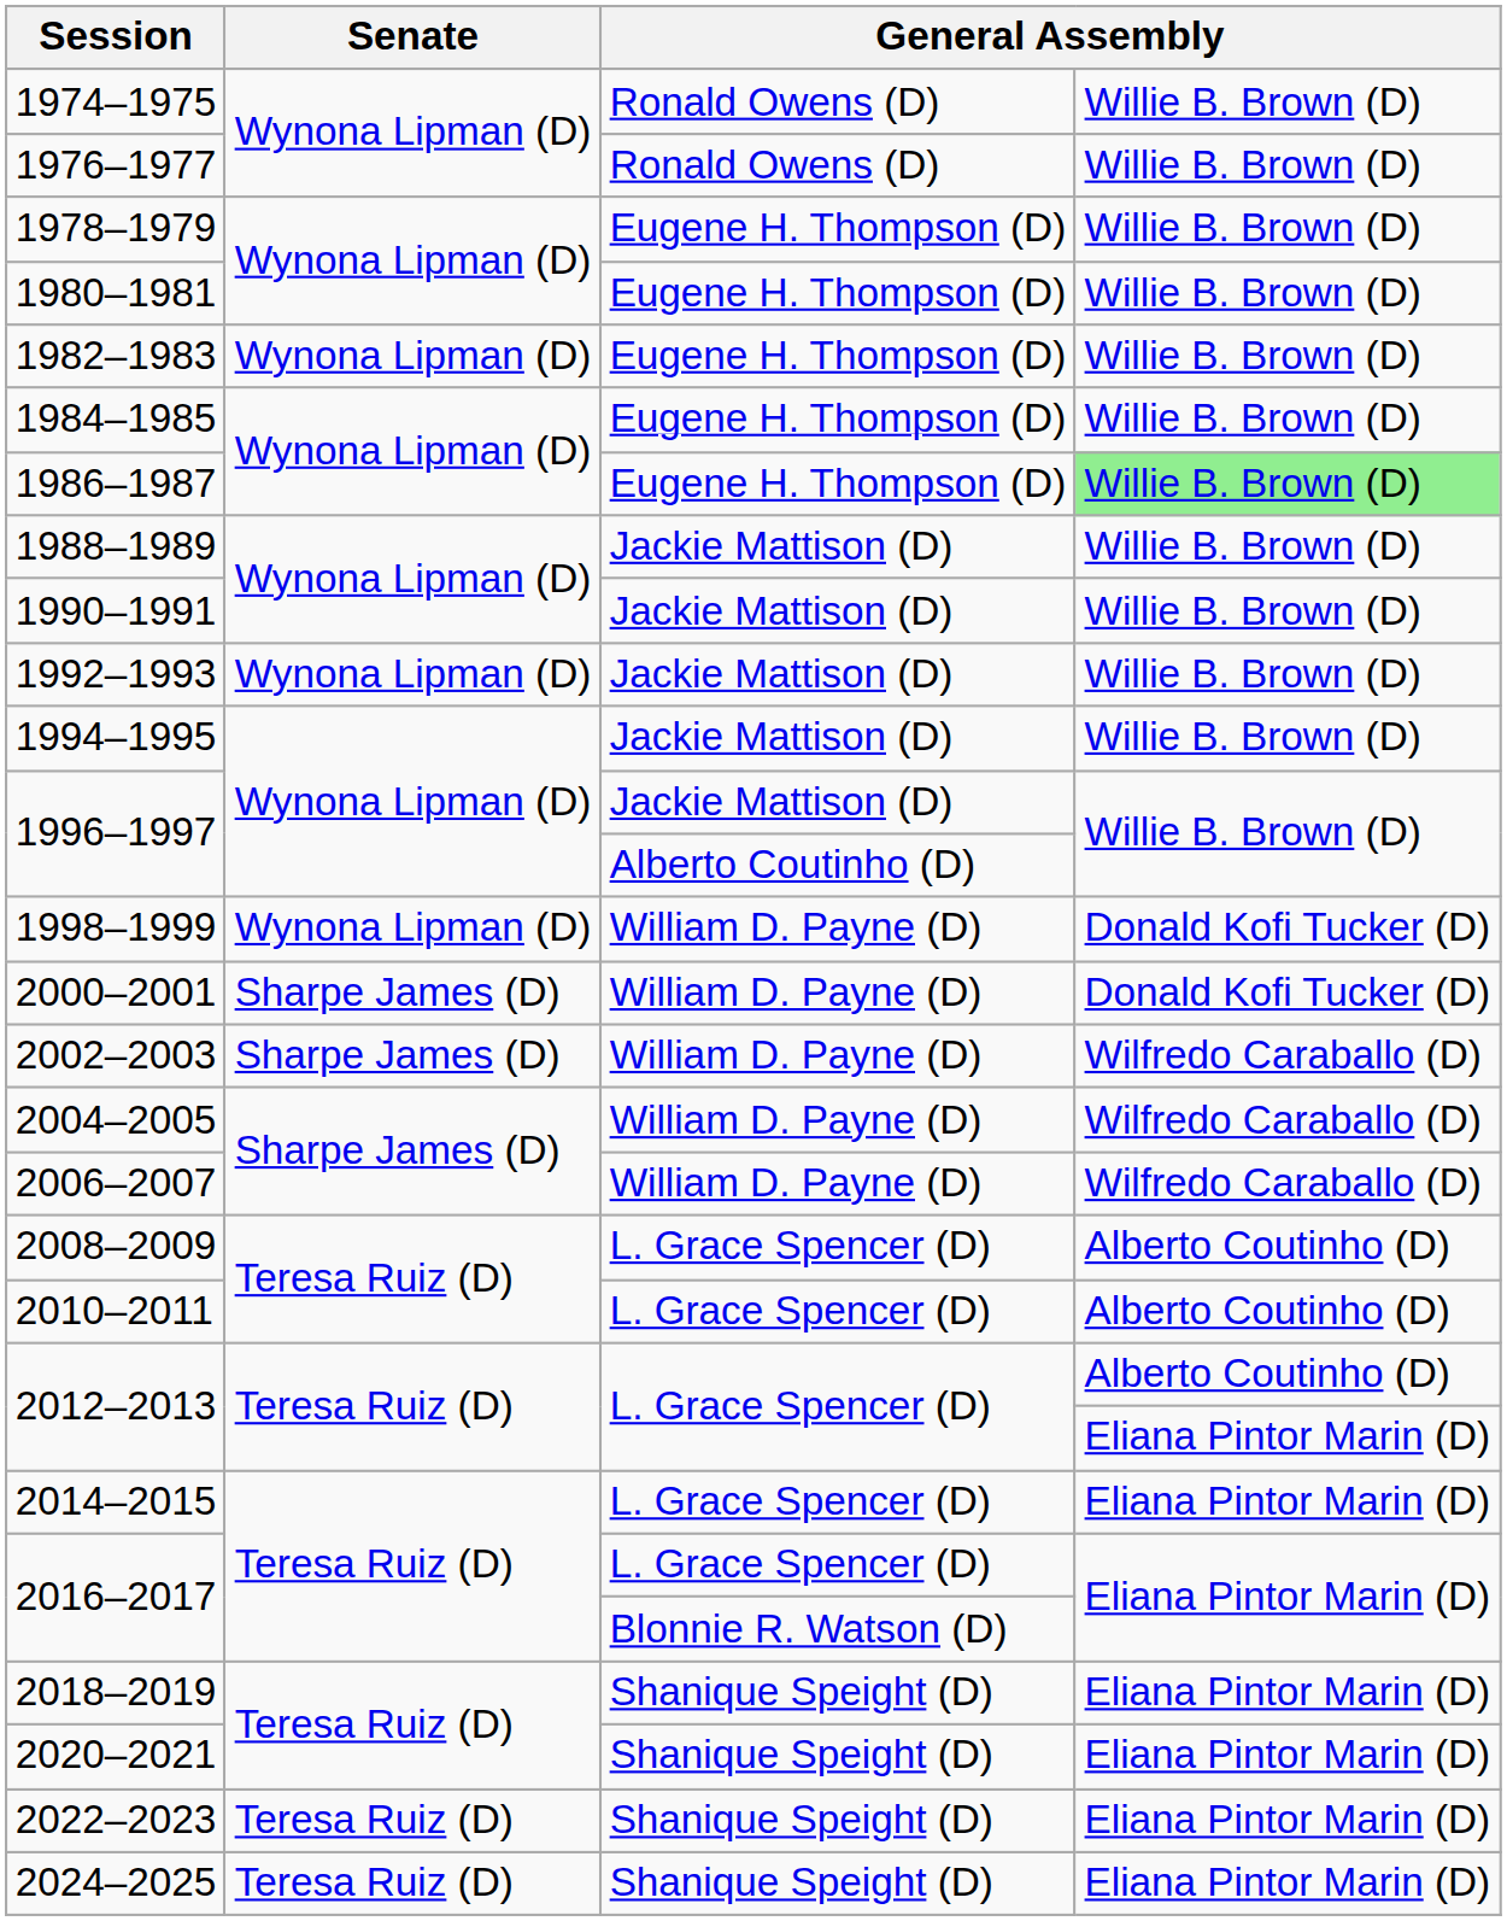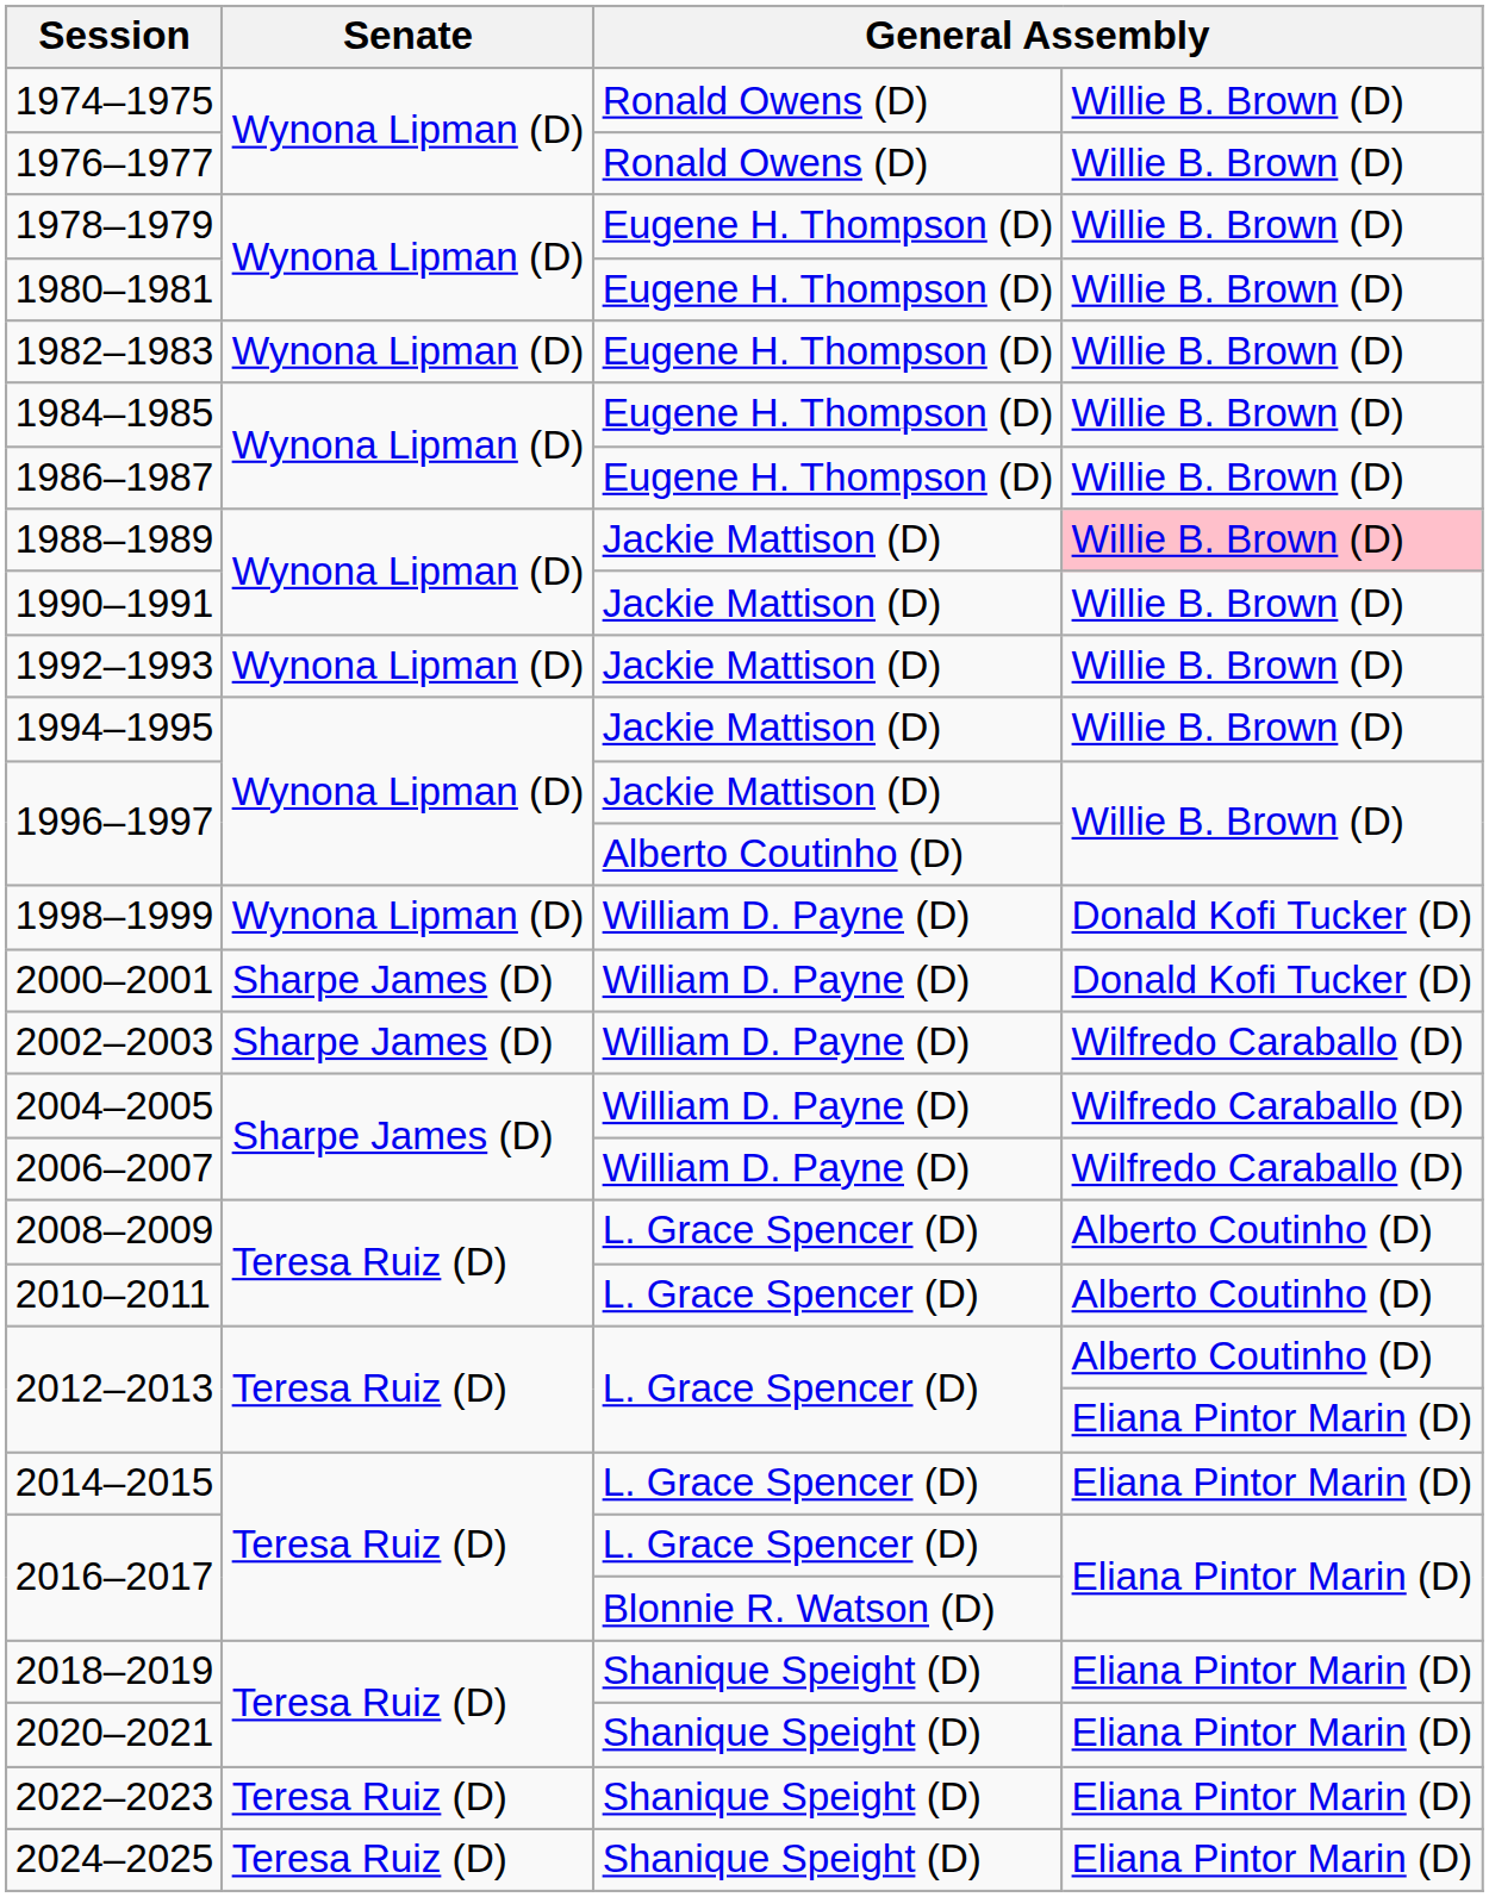 <table class="wikitable">
 <tr>
 <th>Session</th>
 <th>Senate</th>
 <th colspan=2>General Assembly</th>
 </tr>
 <tr>
 <td>1974–1975</td>
 <td rowspan=2 ><a href='#'>Wynona Lipman</a> (D)</td>
 <td><a href='#'>Ronald Owens</a> (D)</td>
 <td><a href='#'>Willie B. Brown</a> (D)</td>
 </tr>
 <tr>
 <td>1976–1977</td>
 <td><a href='#'>Ronald Owens</a> (D)</td>
 <td><a href='#'>Willie B. Brown</a> (D)</td>
 </tr>
 <tr>
 <td>1978–1979</td>
 <td rowspan=2 ><a href='#'>Wynona Lipman</a> (D)</td>
 <td><a href='#'>Eugene H. Thompson</a> (D)</td>
 <td><a href='#'>Willie B. Brown</a> (D)</td>
 </tr>
 <tr>
 <td>1980–1981</td>
 <td><a href='#'>Eugene H. Thompson</a> (D)</td>
 <td><a href='#'>Willie B. Brown</a> (D)</td>
 </tr>
 <tr>
 <td>1982–1983</td>
 <td><a href='#'>Wynona Lipman</a> (D)</td>
 <td><a href='#'>Eugene H. Thompson</a> (D)</td>
 <td><a href='#'>Willie B. Brown</a> (D)</td>
 </tr>
 <tr>
 <td>1984–1985</td>
 <td rowspan=2 ><a href='#'>Wynona Lipman</a> (D)</td>
 <td><a href='#'>Eugene H. Thompson</a> (D)</td>
 <td><a href='#'>Willie B. Brown</a> (D)</td>
 </tr>
 <tr>
 <td>1986–1987</td>
 <td><a href='#'>Eugene H. Thompson</a> (D)</td>
-<td style="background: lightgreen;"><a href='#'>Willie B. Brown</a> (D)</td>
+<td><a href='#'>Willie B. Brown</a> (D)</td>
 </tr>
 <tr>
 <td>1988–1989</td>
 <td rowspan=2 ><a href='#'>Wynona Lipman</a> (D)</td>
 <td><a href='#'>Jackie Mattison</a> (D)</td>
-<td><a href='#'>Willie B. Brown</a> (D)</td>
+<td style="background: pink;"><a href='#'>Willie B. Brown</a> (D)</td>
 </tr>
 <tr>
 <td>1990–1991</td>
 <td><a href='#'>Jackie Mattison</a> (D)</td>
 <td><a href='#'>Willie B. Brown</a> (D)</td>
 </tr>
 <tr>
 <td>1992–1993</td>
 <td><a href='#'>Wynona Lipman</a> (D)</td>
 <td><a href='#'>Jackie Mattison</a> (D)</td>
 <td><a href='#'>Willie B. Brown</a> (D)</td>
 </tr>
 <tr>
 <td>1994–1995</td>
 <td rowspan=3 ><a href='#'>Wynona Lipman</a> (D)</td>
 <td><a href='#'>Jackie Mattison</a> (D)</td>
 <td><a href='#'>Willie B. Brown</a> (D)</td>
 </tr>
 <tr>
 <td rowspan=2>1996–1997</td>
 <td><a href='#'>Jackie Mattison</a> (D)</td>
 <td rowspan=2 ><a href='#'>Willie B. Brown</a> (D)</td>
 </tr>
 <tr>
 <td><a href='#'>Alberto Coutinho</a> (D)</td>
 </tr>
 <tr>
 <td rowspan=2>1998–1999</td>
 <td><a href='#'>Wynona Lipman</a> (D)</td>
 <td rowspan=2 ><a href='#'>William D. Payne</a> (D)</td>
 <td rowspan=2 ><a href='#'>Donald Kofi Tucker</a> (D)</td>
 </tr>
 <tr>
 <td rowspan=2 ><a href='#'>Sharpe James</a> (D)<small> </small></td>
 </tr>
 <tr>
 <td>2000–2001</td>
 <td><a href='#'>William D. Payne</a> (D)</td>
 <td><a href='#'>Donald Kofi Tucker</a> (D)</td>
 </tr>
 <tr>
 <td>2002–2003</td>
 <td><a href='#'>Sharpe James</a> (D)</td>
 <td><a href='#'>William D. Payne</a> (D)</td>
 <td><a href='#'>Wilfredo Caraballo</a> (D)</td>
 </tr>
 <tr>
 <td>2004–2005</td>
 <td rowspan=2 ><a href='#'>Sharpe James</a> (D)</td>
 <td><a href='#'>William D. Payne</a> (D)</td>
 <td><a href='#'>Wilfredo Caraballo</a> (D)</td>
 </tr>
 <tr>
 <td>2006–2007</td>
 <td><a href='#'>William D. Payne</a> (D)</td>
 <td><a href='#'>Wilfredo Caraballo</a> (D)</td>
 </tr>
 <tr>
 <td>2008–2009</td>
 <td rowspan=2 ><a href='#'>Teresa Ruiz</a> (D)</td>
 <td><a href='#'>L. Grace Spencer</a> (D)</td>
 <td><a href='#'>Alberto Coutinho</a> (D)</td>
 </tr>
 <tr>
 <td>2010–2011</td>
 <td><a href='#'>L. Grace Spencer</a> (D)</td>
 <td><a href='#'>Alberto Coutinho</a> (D)</td>
 </tr>
 <tr>
 <td rowspan=2>2012–2013</td>
 <td rowspan=2 ><a href='#'>Teresa Ruiz</a> (D)</td>
 <td rowspan=2 ><a href='#'>L. Grace Spencer</a> (D)</td>
 <td><a href='#'>Alberto Coutinho</a> (D)</td>
 </tr>
 <tr>
 <td><a href='#'>Eliana Pintor Marin</a> (D)</td>
 </tr>
 <tr>
 <td>2014–2015</td>
 <td rowspan=3 ><a href='#'>Teresa Ruiz</a> (D)</td>
 <td><a href='#'>L. Grace Spencer</a> (D)</td>
 <td><a href='#'>Eliana Pintor Marin</a> (D)</td>
 </tr>
 <tr>
 <td rowspan=2>2016–2017</td>
 <td><a href='#'>L. Grace Spencer</a> (D)</td>
 <td rowspan=2 ><a href='#'>Eliana Pintor Marin</a> (D)</td>
 </tr>
 <tr>
 <td><a href='#'>Blonnie R. Watson</a> (D)</td>
 </tr>
 <tr>
 <td>2018–2019</td>
 <td rowspan=2 ><a href='#'>Teresa Ruiz</a> (D)</td>
 <td><a href='#'>Shanique Speight</a> (D)</td>
 <td><a href='#'>Eliana Pintor Marin</a> (D)</td>
 </tr>
 <tr>
 <td>2020–2021</td>
 <td><a href='#'>Shanique Speight</a> (D)</td>
 <td><a href='#'>Eliana Pintor Marin</a> (D)</td>
 </tr>
 <tr>
 <td>2022–2023</td>
 <td><a href='#'>Teresa Ruiz</a> (D)</td>
 <td><a href='#'>Shanique Speight</a> (D)</td>
 <td><a href='#'>Eliana Pintor Marin</a> (D)</td>
 </tr>
 <tr>
 <td>2024–2025</td>
 <td><a href='#'>Teresa Ruiz</a> (D)</td>
 <td><a href='#'>Shanique Speight</a> (D)</td>
 <td><a href='#'>Eliana Pintor Marin</a> (D)</td>
 </tr>
 </table>
